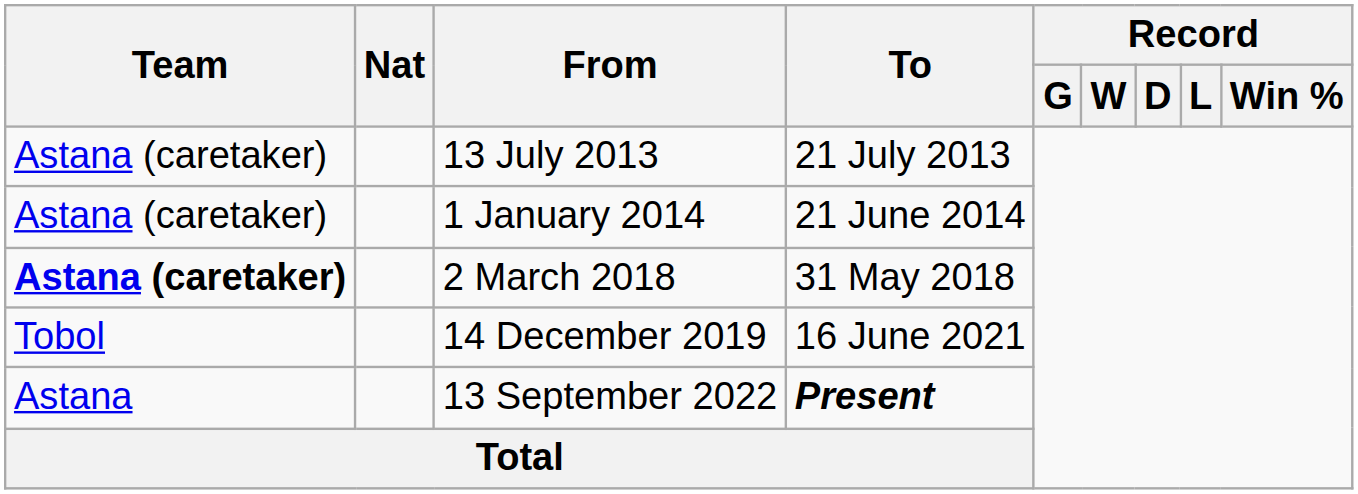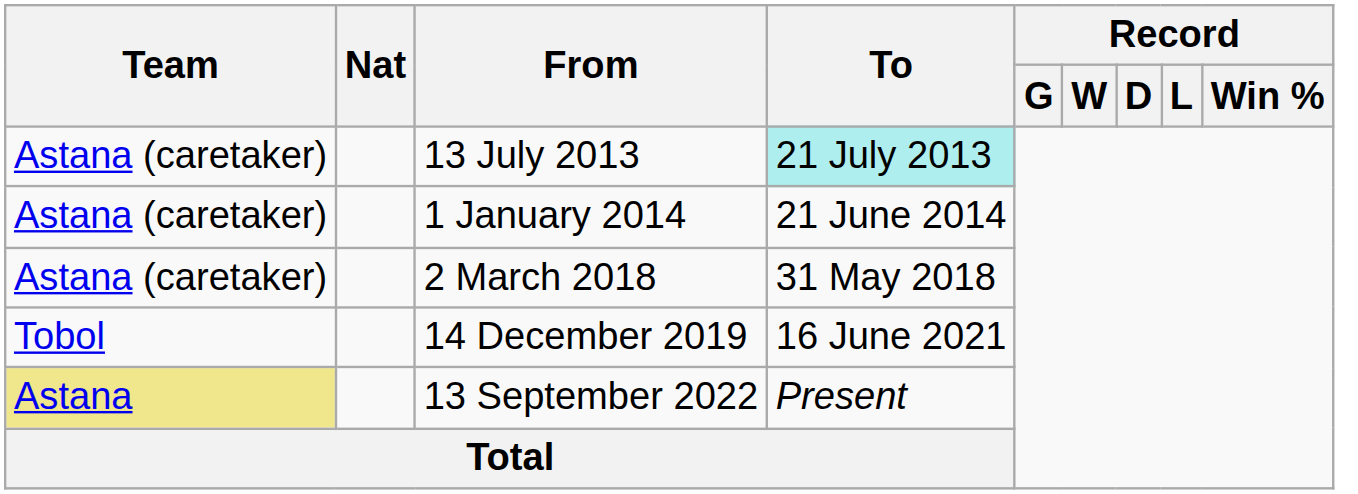 <table class="wikitable" style="text-align: center">
 <tr>
 <th rowspan=2>Team</th>
 <th rowspan=2>Nat</th>
 <th rowspan=2>From</th>
 <th rowspan=2>To</th>
 <th colspan=5>Record</th>
 </tr>
 <tr>
 <th>G</th>
 <th>W</th>
 <th>D</th>
 <th>L</th>
 <th>Win %</th>
 </tr>
 <tr>
 <td align=left><a href='#'>Astana</a> (caretaker)</td>
 <td></td>
 <td align=left>13 July 2013</td>
-<td align=left>21 July 2013<br></td>
+<td align=left style="background: paleturquoise;">21 July 2013<br></td>
 </tr>
 <tr>
 <td align=left><a href='#'>Astana</a> (caretaker)</td>
 <td></td>
 <td align=left>1 January 2014</td>
 <td align=left>21 June 2014<br></td>
 </tr>
 <tr>
-<td align=left><strong><a href='#'>Astana</a> (caretaker)</strong></td>
+<td align=left><a href='#'>Astana</a> (caretaker)</td>
 <td></td>
 <td align=left>2 March 2018</td>
 <td align=left>31 May 2018<br></td>
 </tr>
 <tr>
 <td align=left><a href='#'>Tobol</a></td>
 <td></td>
 <td align=left>14 December 2019</td>
 <td align=left>16 June 2021<br></td>
 </tr>
 <tr>
-<td align=left><a href='#'>Astana</a></td>
+<td align=left style="background: khaki;"><a href='#'>Astana</a></td>
 <td></td>
 <td align=left>13 September 2022</td>
-<td align=left><strong><em>Present</em><br></strong></td>
+<td align=left><em>Present</em><br></td>
 </tr>
 <tr>
 <th colspan=4>Total<br></th>
 </tr>
 </table>
